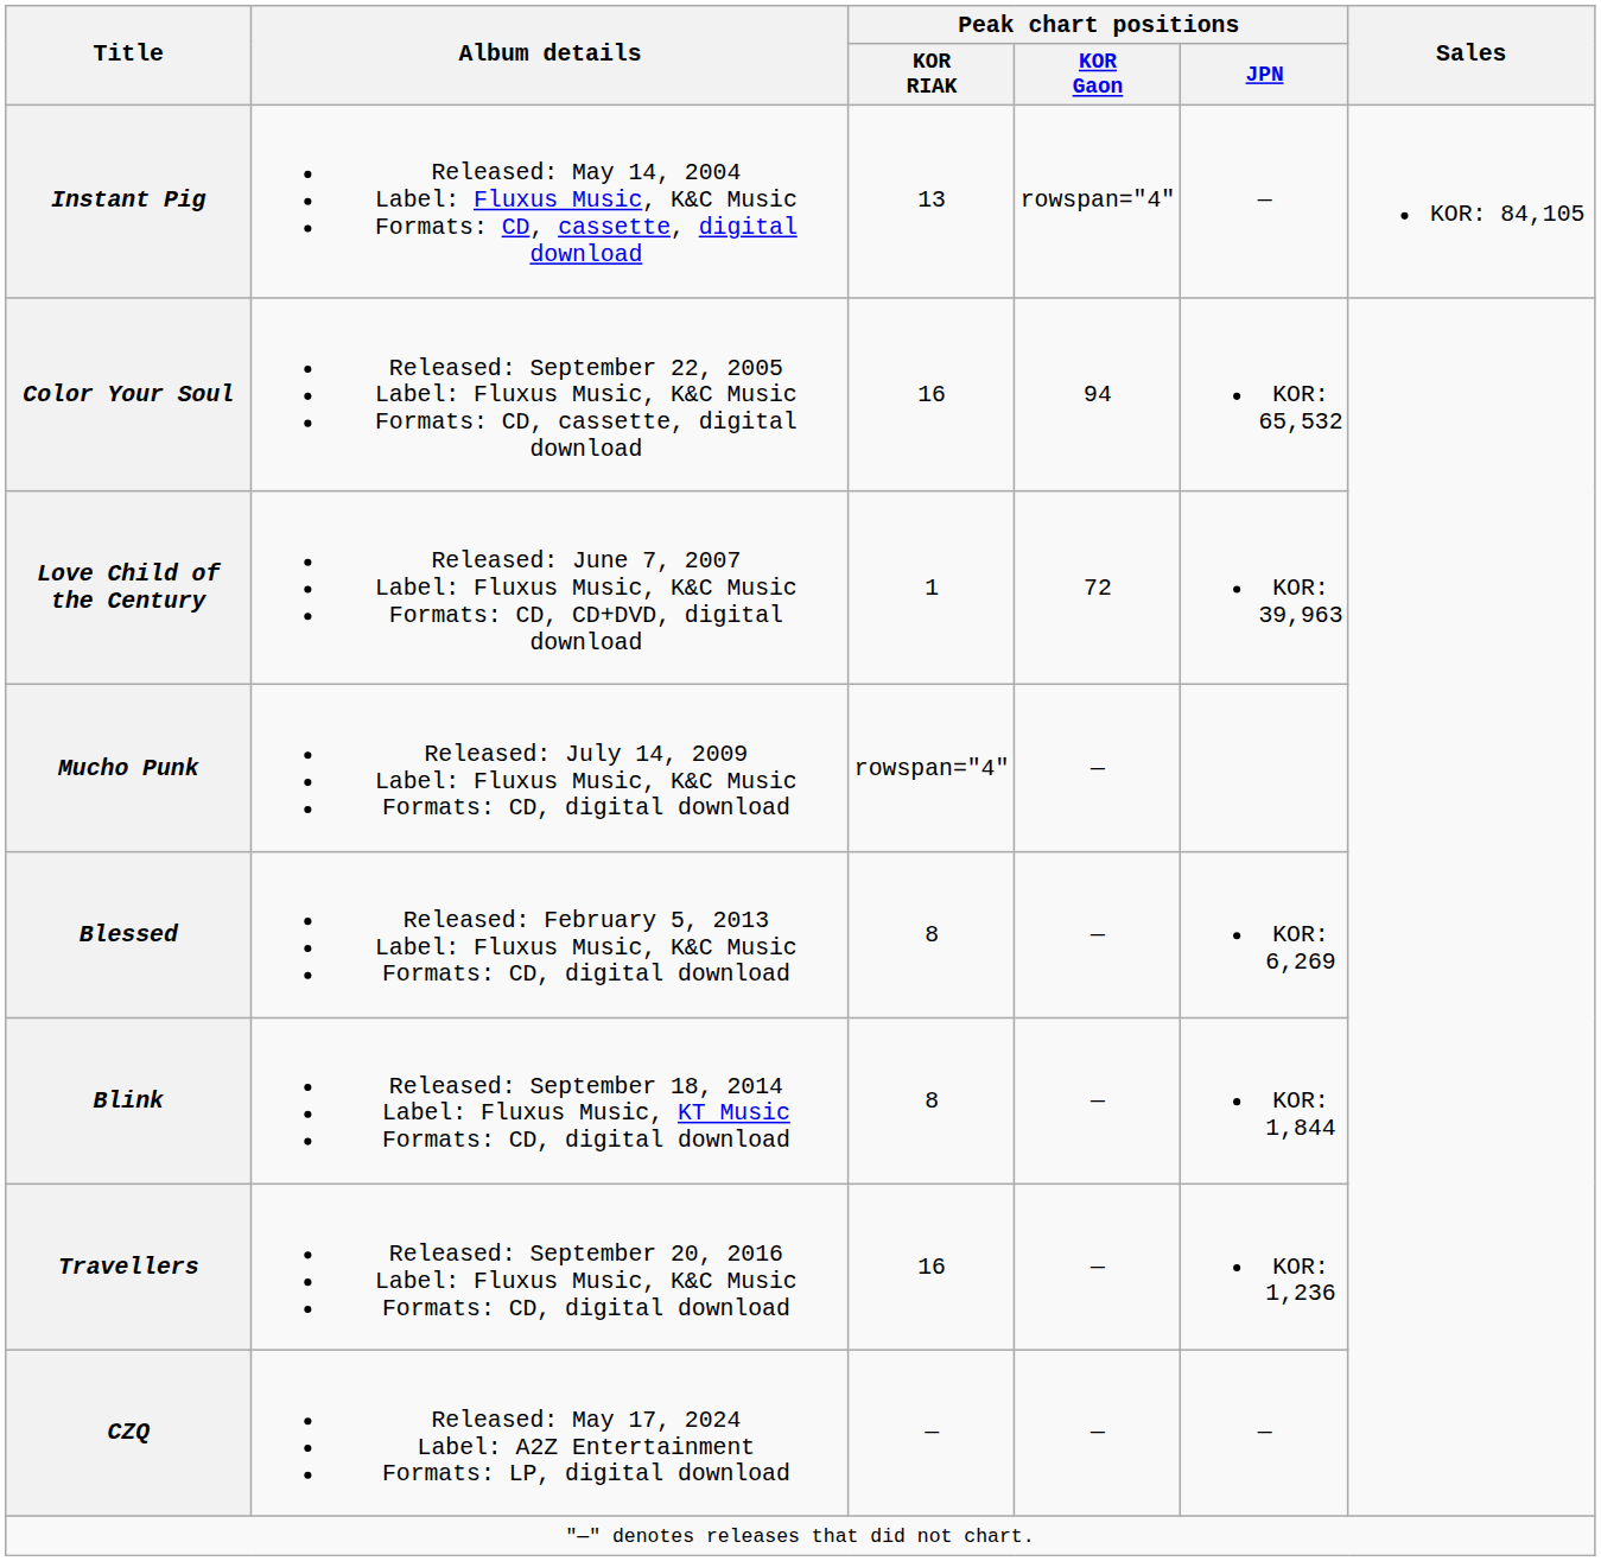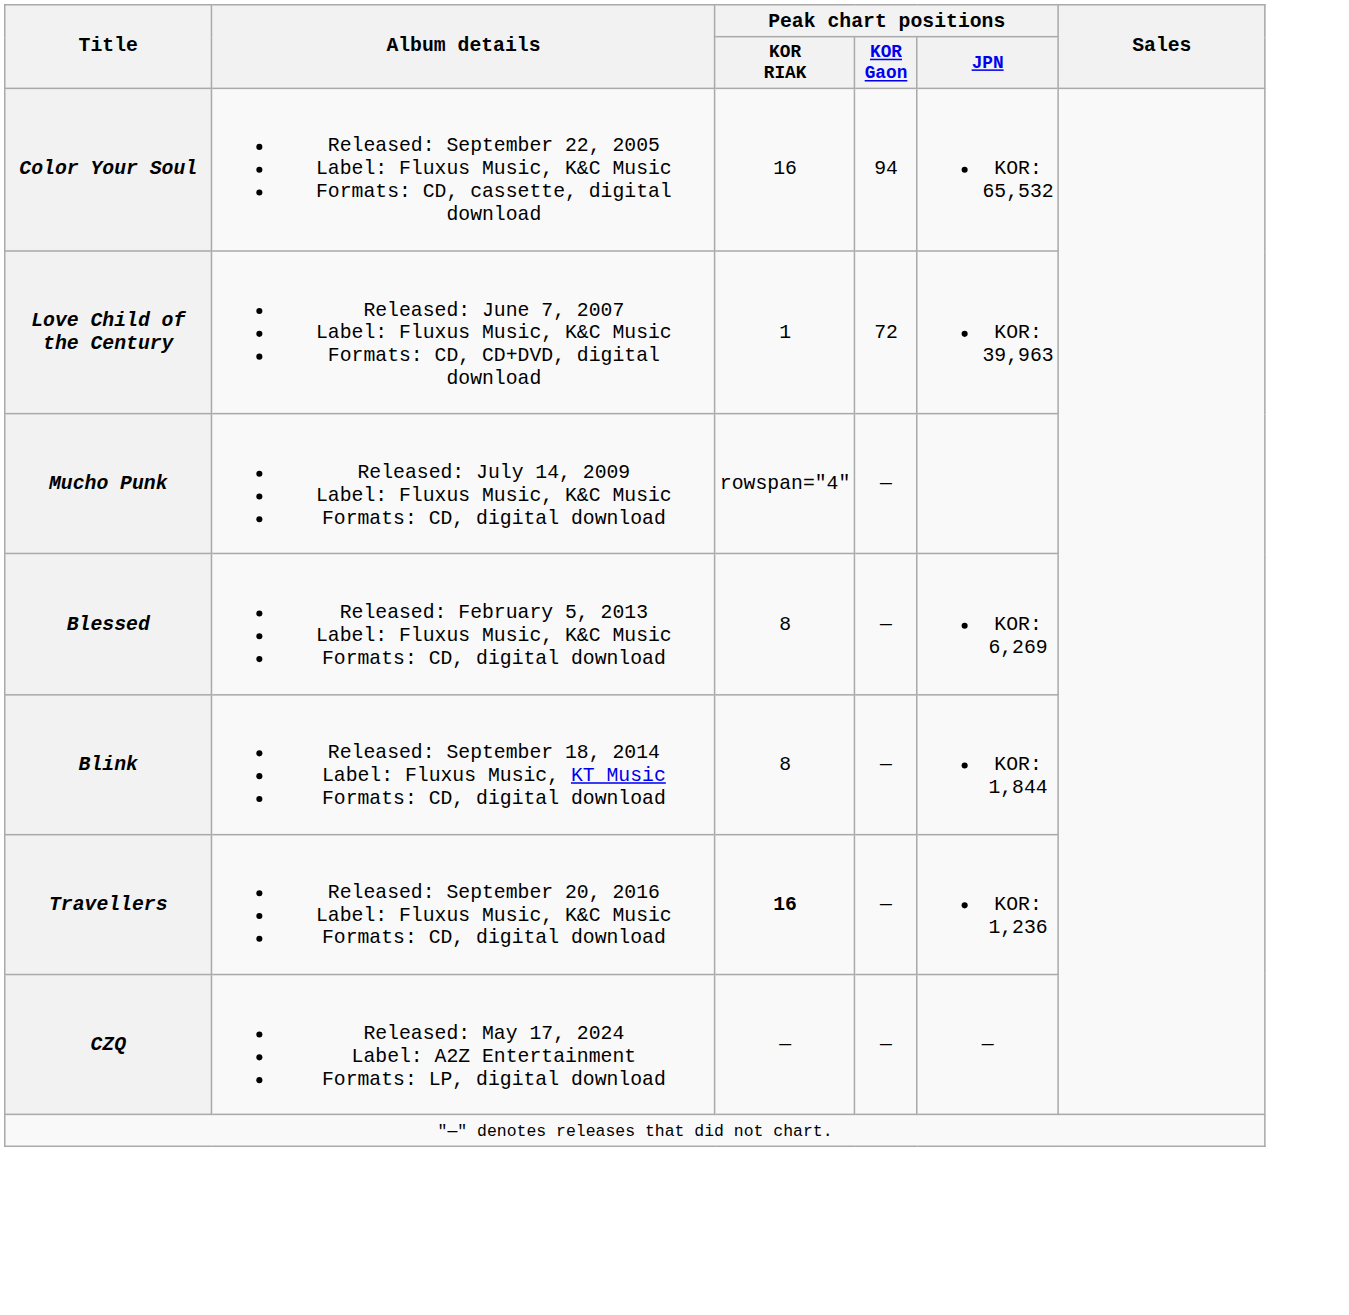 <table class="wikitable plainrowheaders" style="text-align:center;">
 <tr>
 <th scope="col" rowspan="2" style="width:10em;">Title</th>
 <th scope="col" rowspan="2" style="width:25em;">Album details</th>
 <th colspan="3">Peak chart positions</th>
 <th scope="col" rowspan="2" style="width:10em;">Sales</th>
 </tr>
 <tr>
 <th style="width:3em;font-size:90%;">KOR<br>RIAK<br></th>
 <th style="width:3em;font-size:90%;"><a href='#'>KOR<br>Gaon</a><br></th>
 <th style="width:3em;font-size:90%;"><a href='#'>JPN</a><br></th>
-</tr>
-<tr>
-<th scope="row"><em>Instant Pig</em></th>
-<td><br><ul><li>Released: May 14, 2004</li><li>Label: <a href='#'>Fluxus Music</a>, K&C Music</li><li>Formats: <a href='#'>CD</a>, <a href='#'>cassette</a>, <a href='#'>digital download</a></li></ul></td>
-<td>13</td>
-<td>rowspan="4" </td>
-<td>—</td>
-<td><br><ul><li>KOR: 84,105</li></ul></td>
 </tr>
 <tr>
 <th scope="row"><em>Color Your Soul</em></th>
 <td><br><ul><li>Released: September 22, 2005</li><li>Label: Fluxus Music, K&C Music</li><li>Formats: CD, cassette, digital download</li></ul></td>
 <td>16</td>
 <td>94</td>
 <td><br><ul><li>KOR: 65,532</li></ul></td>
 </tr>
 <tr>
 <th scope="row"><em>Love Child of the Century</em></th>
 <td><br><ul><li>Released: June 7, 2007</li><li>Label: Fluxus Music, K&C Music</li><li>Formats: CD, CD+DVD, digital download</li></ul></td>
 <td>1</td>
 <td>72</td>
 <td><br><ul><li>KOR: 39,963</li></ul></td>
 </tr>
 <tr>
 <th scope="row"><em>Mucho Punk</em></th>
 <td><br><ul><li>Released: July 14, 2009</li><li>Label: Fluxus Music, K&C Music</li><li>Formats: CD, digital download</li></ul></td>
 <td>rowspan="4" </td>
 <td>—</td>
 <td></td>
 </tr>
 <tr>
 <th scope="row"><em>Blessed</em></th>
 <td><br><ul><li>Released: February 5, 2013</li><li>Label: Fluxus Music, K&C Music</li><li>Formats: CD, digital download</li></ul></td>
 <td>8</td>
 <td>—</td>
 <td><br><ul><li>KOR: 6,269</li></ul></td>
 </tr>
 <tr>
 <th scope="row"><em>Blink</em></th>
 <td><br><ul><li>Released: September 18, 2014</li><li>Label: Fluxus Music, <a href='#'>KT Music</a></li><li>Formats: CD, digital download</li></ul></td>
 <td>8</td>
 <td>—</td>
 <td><br><ul><li>KOR: 1,844</li></ul></td>
 </tr>
 <tr>
 <th scope="row"><em>Travellers</em></th>
 <td><br><ul><li>Released: September 20, 2016</li><li>Label: Fluxus Music, K&C Music</li><li>Formats: CD, digital download</li></ul></td>
-<td>16</td>
+<td><strong>16</strong></td>
 <td>—</td>
 <td><br><ul><li>KOR: 1,236</li></ul></td>
 </tr>
 <tr>
 <th scope="row"><em>CZQ</em></th>
 <td><br><ul><li>Released: May 17, 2024</li><li>Label: A2Z Entertainment</li><li>Formats: LP, digital download</li></ul></td>
 <td>—</td>
 <td>—</td>
 <td>—</td>
 </tr>
 <tr>
 <td colspan="6" align="center"><small>"—" denotes releases that did not chart.</small></td>
 </tr>
 </table>
